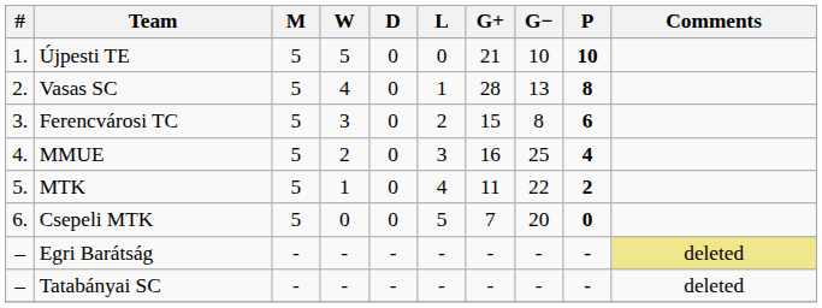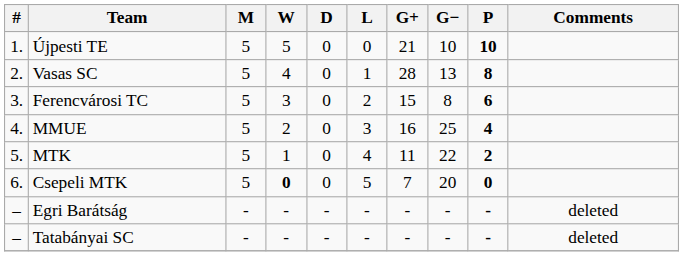 <table class="wikitable" style="text-align: center;">
 <tr>
 <th width="15">#</th>
 <th width="175">Team</th>
 <th width="30">M</th>
 <th width="30">W</th>
 <th width="30">D</th>
 <th width="30">L</th>
 <th width="30">G+</th>
 <th width="30">G−</th>
 <th width="30">P</th>
 <th width="150">Comments</th>
 </tr>
 <tr>
 <td>1.</td>
 <td align="left">Újpesti TE</td>
 <td>5</td>
 <td>5</td>
 <td>0</td>
 <td>0</td>
 <td>21</td>
 <td>10</td>
 <td><strong>10</strong></td>
 <td></td>
 </tr>
 <tr>
 <td>2.</td>
 <td align="left">Vasas SC</td>
 <td>5</td>
 <td>4</td>
 <td>0</td>
 <td>1</td>
 <td>28</td>
 <td>13</td>
 <td><strong>8</strong></td>
 <td></td>
 </tr>
 <tr>
 <td>3.</td>
 <td align="left">Ferencvárosi TC</td>
 <td>5</td>
 <td>3</td>
 <td>0</td>
 <td>2</td>
 <td>15</td>
 <td>8</td>
 <td><strong>6</strong></td>
 <td></td>
 </tr>
 <tr>
 <td>4.</td>
 <td align="left">MMUE</td>
 <td>5</td>
 <td>2</td>
 <td>0</td>
 <td>3</td>
 <td>16</td>
 <td>25</td>
 <td><strong>4</strong></td>
 <td></td>
 </tr>
 <tr>
 <td>5.</td>
 <td align="left">MTK</td>
 <td>5</td>
 <td>1</td>
 <td>0</td>
 <td>4</td>
 <td>11</td>
 <td>22</td>
 <td><strong>2</strong></td>
 <td></td>
 </tr>
 <tr>
 <td>6.</td>
 <td align="left">Csepeli MTK</td>
 <td>5</td>
-<td>0</td>
+<td><strong>0</strong></td>
 <td>0</td>
 <td>5</td>
 <td>7</td>
 <td>20</td>
 <td><strong>0</strong></td>
 <td></td>
 </tr>
 <tr>
 <td>–</td>
 <td align="left">Egri Barátság</td>
 <td>-</td>
 <td>-</td>
 <td>-</td>
 <td>-</td>
 <td>-</td>
 <td>-</td>
 <td><strong>-</strong></td>
-<td style="background: khaki;">deleted</td>
+<td>deleted</td>
 </tr>
 <tr>
 <td>–</td>
 <td align="left">Tatabányai SC</td>
 <td>-</td>
 <td>-</td>
 <td>-</td>
 <td>-</td>
 <td>-</td>
 <td>-</td>
 <td><strong>-</strong></td>
 <td>deleted</td>
 </tr>
 <tr>
 </tr>
 </table>
